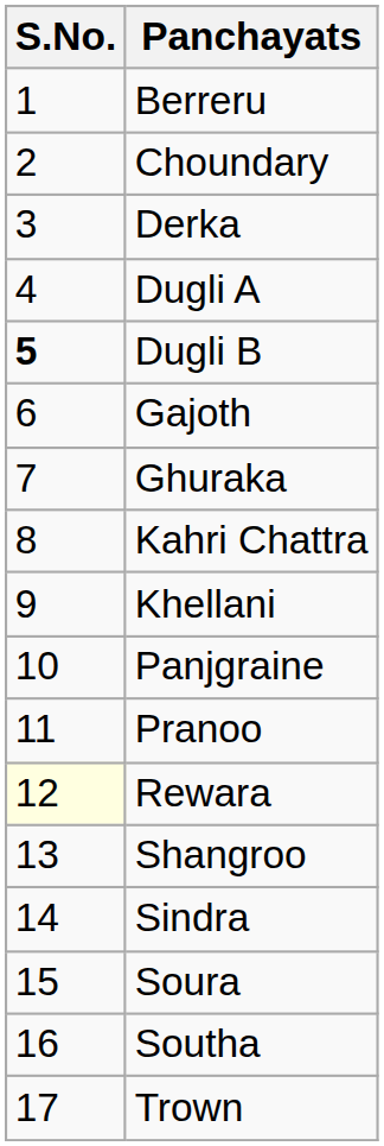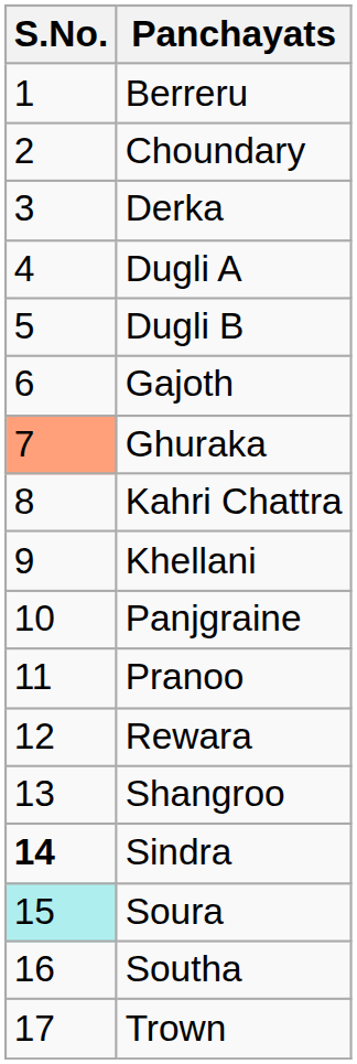 <table class="wikitable">
 <tr>
 <th>S.No.</th>
 <th>Panchayats</th>
 </tr>
 <tr>
 <td>1</td>
 <td>Berreru</td>
 </tr>
 <tr>
 <td>2</td>
 <td>Choundary</td>
 </tr>
 <tr>
 <td>3</td>
 <td>Derka</td>
 </tr>
 <tr>
 <td>4</td>
 <td>Dugli A</td>
 </tr>
 <tr>
-<td><strong>5</strong></td>
+<td>5</td>
 <td>Dugli B</td>
 </tr>
 <tr>
 <td>6</td>
 <td>Gajoth</td>
 </tr>
 <tr>
-<td>7</td>
+<td style="background: lightsalmon;">7</td>
 <td>Ghuraka</td>
 </tr>
 <tr>
 <td>8</td>
 <td>Kahri Chattra</td>
 </tr>
 <tr>
 <td>9</td>
 <td>Khellani</td>
 </tr>
 <tr>
 <td>10</td>
 <td>Panjgraine</td>
 </tr>
 <tr>
 <td>11</td>
 <td>Pranoo</td>
 </tr>
 <tr>
-<td style="background: lightyellow;">12</td>
+<td>12</td>
 <td>Rewara</td>
 </tr>
 <tr>
 <td>13</td>
 <td>Shangroo</td>
 </tr>
 <tr>
-<td>14</td>
+<td><strong>14</strong></td>
 <td>Sindra</td>
 </tr>
 <tr>
-<td>15</td>
+<td style="background: paleturquoise;">15</td>
 <td>Soura</td>
 </tr>
 <tr>
 <td>16</td>
 <td>Southa</td>
 </tr>
 <tr>
 <td>17</td>
 <td>Trown</td>
 </tr>
 </table>
